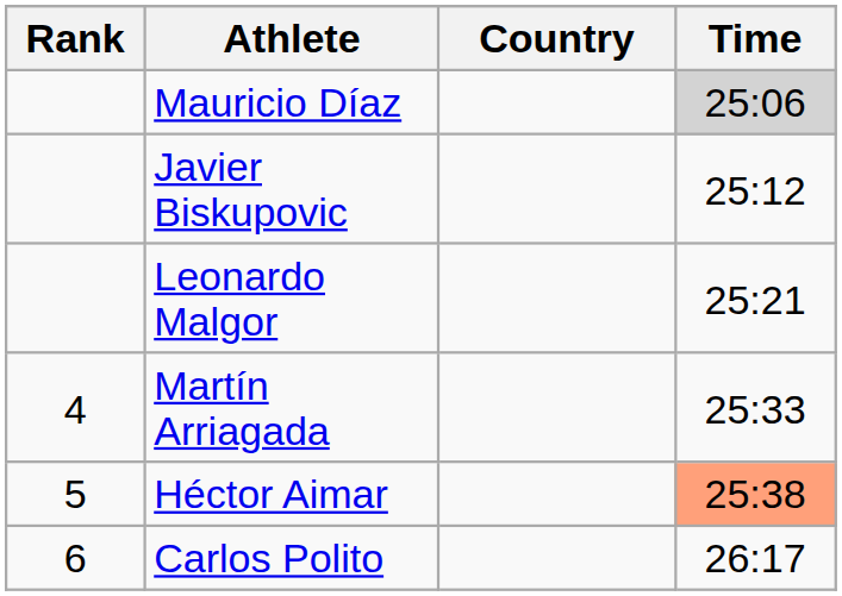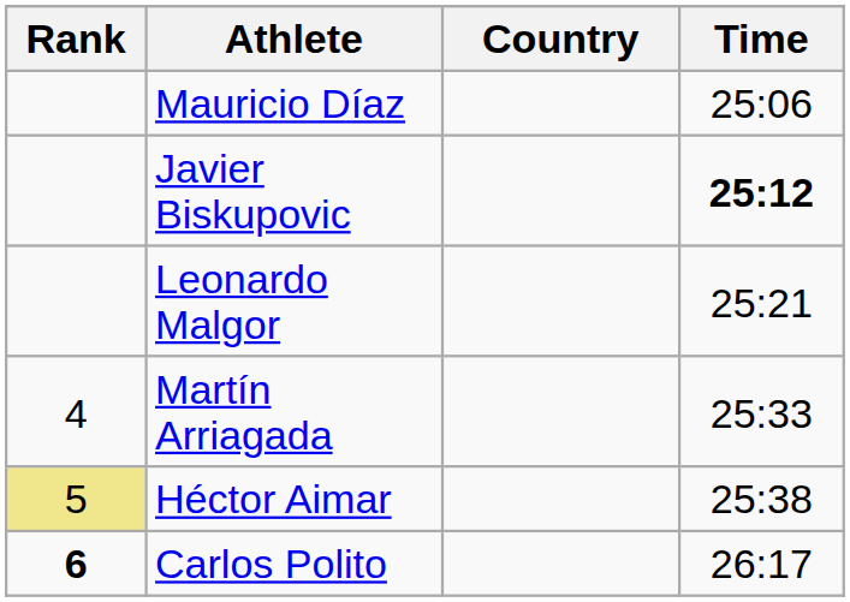 <table class="wikitable sortable" style=" text-align:center; font-size:95%;" width="50%">
 <tr>
 </tr>
 <tr>
 <th width=5%>Rank</th>
 <th width=20%>Athlete</th>
 <th width=15%>Country</th>
 <th width=10%>Time</th>
 </tr>
 <tr>
 <td align=center></td>
 <td align=left><a href='#'>Mauricio Díaz</a></td>
 <td align=left></td>
-<td style="background: lightgrey;">25:06</td>
+<td>25:06</td>
 </tr>
 <tr>
 <td align=center></td>
 <td align=left><a href='#'>Javier Biskupovic</a></td>
 <td align=left></td>
-<td>25:12</td>
+<td><strong>25:12</strong></td>
 </tr>
 <tr>
 <td align=center></td>
 <td align=left><a href='#'>Leonardo Malgor</a></td>
 <td align=left></td>
 <td>25:21</td>
 </tr>
 <tr>
 <td align=center>4</td>
 <td align=left><a href='#'>Martín Arriagada</a></td>
 <td align=left></td>
 <td>25:33</td>
 </tr>
 <tr>
-<td align=center>5</td>
+<td align=center style="background: khaki;">5</td>
 <td align=left><a href='#'>Héctor Aimar</a></td>
 <td align=left></td>
-<td style="background: lightsalmon;">25:38</td>
+<td>25:38</td>
 </tr>
 <tr>
-<td align=center>6</td>
+<td align=center><strong>6</strong></td>
 <td align=left><a href='#'>Carlos Polito</a></td>
 <td align=left></td>
 <td>26:17</td>
 </tr>
 </table>
